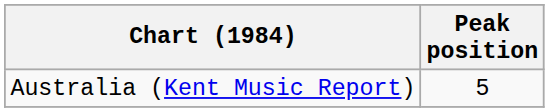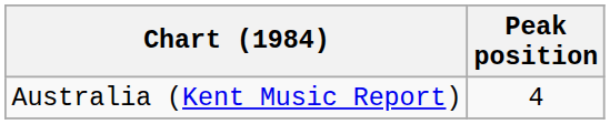 <table class="wikitable">
 <tr>
 <th scope="col">Chart (1984)</th>
 <th>Peak<br>position</th>
 </tr>
 <tr>
 <td>Australia (<a href='#'>Kent Music Report</a>)</td>
-<td style="text-align:center;">5</td>
+<td style="text-align:center;">4</td>
 </tr>
 </table>
